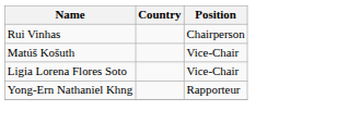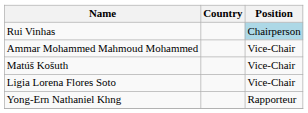 <table class="wikitable" style="display: inline-table;">
 <tr>
 <th>Name</th>
 <th>Country</th>
 <th>Position</th>
 </tr>
 <tr>
 <td>Rui Vinhas</td>
 <td></td>
-<td>Chairperson</td>
+<td style="background: lightblue;">Chairperson</td>
+</tr>
+<tr>
+<td>Ammar Mohammed Mahmoud Mohammed</td>
+<td></td>
+<td>Vice-Chair</td>
 </tr>
 <tr>
 <td>Matúš Košuth</td>
 <td></td>
 <td>Vice-Chair</td>
 </tr>
 <tr>
 <td>Ligia Lorena Flores Soto</td>
 <td></td>
 <td>Vice-Chair</td>
 </tr>
 <tr>
 <td>Yong-Ern Nathaniel Khng</td>
 <td></td>
 <td>Rapporteur</td>
 </tr>
 <tr>
 </tr>
 </table>
